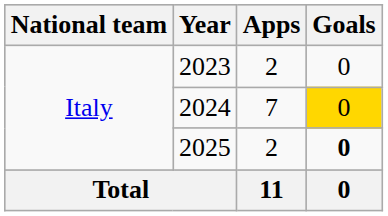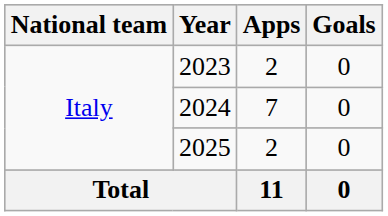 <table class="wikitable" style="text-align:center">
 <tr>
 <th>National team</th>
 <th>Year</th>
 <th>Apps</th>
 <th>Goals</th>
 </tr>
 <tr>
 <td rowspan="3"><a href='#'>Italy</a></td>
 <td>2023</td>
 <td>2</td>
 <td>0</td>
 </tr>
 <tr>
 <td>2024</td>
 <td>7</td>
-<td style="background: gold;">0</td>
+<td>0</td>
 </tr>
 <tr>
 <td>2025</td>
 <td>2</td>
-<td><strong>0</strong></td>
+<td>0</td>
 </tr>
 <tr>
 <th colspan="2">Total</th>
 <th>11</th>
 <th>0</th>
 </tr>
 </table>
